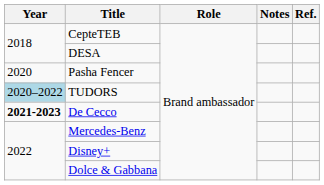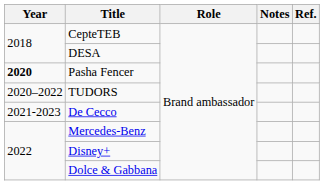 <table class="wikitable sortable">
 <tr>
 <th>Year</th>
 <th>Title</th>
 <th>Role</th>
 <th>Notes</th>
 <th>Ref.</th>
 </tr>
 <tr>
 <td rowspan="2">2018</td>
 <td>CepteTEB</td>
 <td rowspan="8">Brand ambassador</td>
 <td></td>
 <td></td>
 </tr>
 <tr>
 <td>DESA</td>
 <td></td>
 <td></td>
 </tr>
 <tr>
-<td>2020</td>
+<td><strong>2020</strong></td>
 <td>Pasha Fencer</td>
 <td></td>
 <td></td>
 </tr>
 <tr>
-<td style="background: lightblue;">2020–2022</td>
+<td>2020–2022</td>
 <td>TUDORS</td>
 <td></td>
 <td></td>
 </tr>
 <tr>
-<td><strong>2021-2023</strong></td>
+<td>2021-2023</td>
 <td><a href='#'>De Cecco</a></td>
 <td></td>
 <td></td>
 </tr>
 <tr>
 <td rowspan="3">2022</td>
 <td><a href='#'>Mercedes-Benz</a></td>
 <td></td>
 <td></td>
 </tr>
 <tr>
 <td><a href='#'>Disney+</a></td>
 <td></td>
 <td></td>
 </tr>
 <tr>
 <td><a href='#'>Dolce & Gabbana</a></td>
 <td></td>
 <td></td>
 </tr>
 </table>
